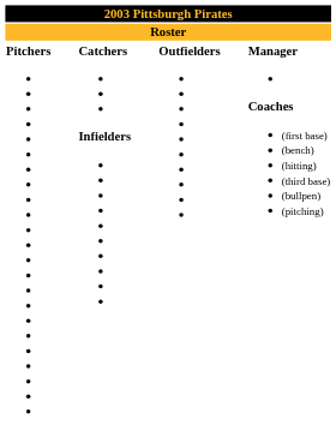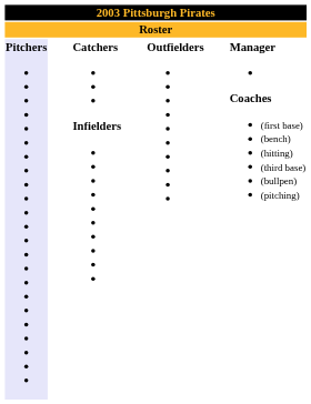 <table class="toccolours" style="font-size: 95%;">
 <tr>
 <th colspan="10" style="background-color: black; color: #FDB827; text-align: center;">2003 Pittsburgh Pirates</th>
 </tr>
 <tr>
 <td colspan="10" style="background-color: #FDB827; color: black; text-align: center;"><strong>Roster</strong></td>
 </tr>
 <tr>
-<td valign="top"><strong>Pitchers</strong><br><ul><li></li><li></li><li></li><li></li><li></li><li></li><li></li><li></li><li></li><li></li><li></li><li></li><li></li><li></li><li></li><li></li><li></li><li></li><li></li><li></li><li></li><li></li><li></li></ul></td>
+<td valign="top" style="background: lavender;"><strong>Pitchers</strong><br><ul><li></li><li></li><li></li><li></li><li></li><li></li><li></li><li></li><li></li><li></li><li></li><li></li><li></li><li></li><li></li><li></li><li></li><li></li><li></li><li></li><li></li><li></li><li></li></ul></td>
 <td width="25px"></td>
 <td valign="top"><strong>Catchers</strong><br><ul><li></li><li></li><li></li></ul><strong>Infielders</strong><ul><li></li><li></li><li></li><li></li><li></li><li></li><li></li><li></li><li></li><li></li></ul></td>
 <td width="25px"></td>
 <td valign="top"><strong>Outfielders</strong><br><ul><li></li><li></li><li></li><li></li><li></li><li></li><li></li><li></li><li></li><li></li></ul></td>
 <td width="25px"></td>
 <td valign="top"><strong>Manager</strong><br><ul><li></li></ul><strong>Coaches</strong><ul><li> <small>(first base)</small></li><li> <small>(bench)</small></li><li> <small>(hitting)</small></li><li> <small>(third base)</small></li><li> <small>(bullpen)</small></li><li> <small>(pitching)</small></li></ul></td>
 </tr>
 </table>
